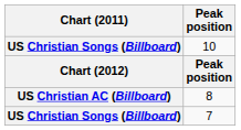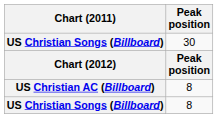 <table class="wikitable sortable plainrowheaders" style="text-align:center">
 <tr>
 <th scope="col">Chart (2011)</th>
 <th scope="col">Peak<br>position</th>
 </tr>
 <tr>
 <th scope="row">US <a href='#'>Christian Songs</a> (<em><a href='#'>Billboard</a></em>)</th>
-<td>10</td>
+<td>30</td>
 </tr>
 <tr>
 <th scope="col">Chart (2012)</th>
 <th scope="col">Peak<br>position</th>
 </tr>
 <tr>
 <th scope="row">US <a href='#'>Christian AC</a> (<em><a href='#'>Billboard</a></em>)</th>
 <td>8</td>
 </tr>
 <tr>
 <th scope="row">US <a href='#'>Christian Songs</a> (<em><a href='#'>Billboard</a></em>)</th>
-<td>7</td>
+<td>8</td>
 </tr>
 </table>
